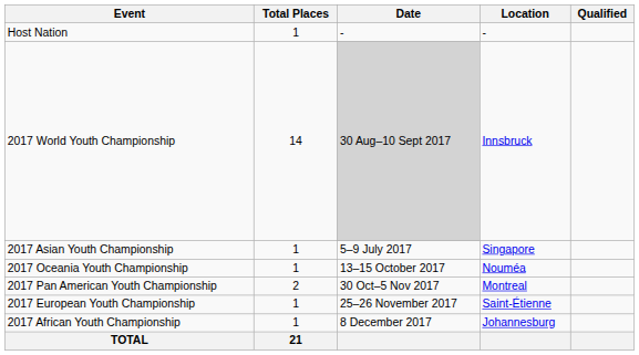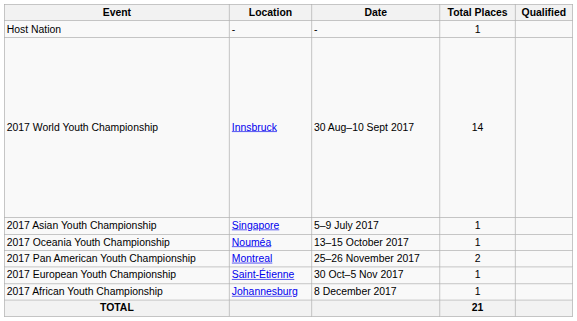 <table class="wikitable" width=875>
 <tr>
 <th>Event</th>
+<th>Location</th>
+<th>Date</th>
 <th>Total Places</th>
-<th>Date</th>
-<th>Location</th>
 <th>Qualified</th>
 </tr>
 <tr>
 <td>Host Nation</td>
-<td align="center">1</td>
 <td>-</td>
 <td>-</td>
+<td align="center">1</td>
 <td></td>
 </tr>
 <tr>
 <td>2017 World Youth Championship</td>
+<td> <a href='#'>Innsbruck</a></td>
+<td>30 Aug–10 Sept 2017</td>
 <td align="center">14</td>
-<td style="background: lightgrey;">30 Aug–10 Sept 2017</td>
-<td> <a href='#'>Innsbruck</a></td>
 <td><br><br> <br> <br> <br> <br> <br> <br> <br> <br> <br> <br> <br> <br> <br></td>
 </tr>
 <tr>
 <td>2017 Asian Youth Championship</td>
+<td> <a href='#'>Singapore</a></td>
+<td>5–9 July 2017</td>
 <td align="center">1</td>
-<td>5–9 July 2017</td>
-<td> <a href='#'>Singapore</a></td>
 <td></td>
 </tr>
 <tr>
 <td>2017 Oceania Youth Championship</td>
+<td> <a href='#'>Nouméa</a></td>
+<td>13–15 October 2017</td>
 <td align="center">1</td>
-<td>13–15 October 2017</td>
-<td> <a href='#'>Nouméa</a></td>
 <td></td>
 </tr>
 <tr>
 <td>2017 Pan American Youth Championship</td>
+<td> <a href='#'>Montreal</a></td>
+<td>25–26 November 2017</td>
 <td align="center">2</td>
-<td>30 Oct–5 Nov 2017</td>
-<td> <a href='#'>Montreal</a></td>
 <td><br></td>
 </tr>
 <tr>
 <td>2017 European Youth Championship</td>
+<td> <a href='#'>Saint-Étienne</a></td>
+<td>30 Oct–5 Nov 2017</td>
 <td align="center">1</td>
-<td>25–26 November 2017</td>
-<td> <a href='#'>Saint-Étienne</a></td>
 <td></td>
 </tr>
 <tr>
 <td>2017 African Youth Championship</td>
+<td> <a href='#'>Johannesburg</a></td>
+<td>8 December 2017</td>
 <td align="center">1</td>
-<td>8 December 2017</td>
-<td> <a href='#'>Johannesburg</a></td>
 <td></td>
 </tr>
 <tr>
 <th>TOTAL</th>
-<th>21</th>
 <th></th>
 <th></th>
+<th>21</th>
 <th></th>
 </tr>
 </table>
